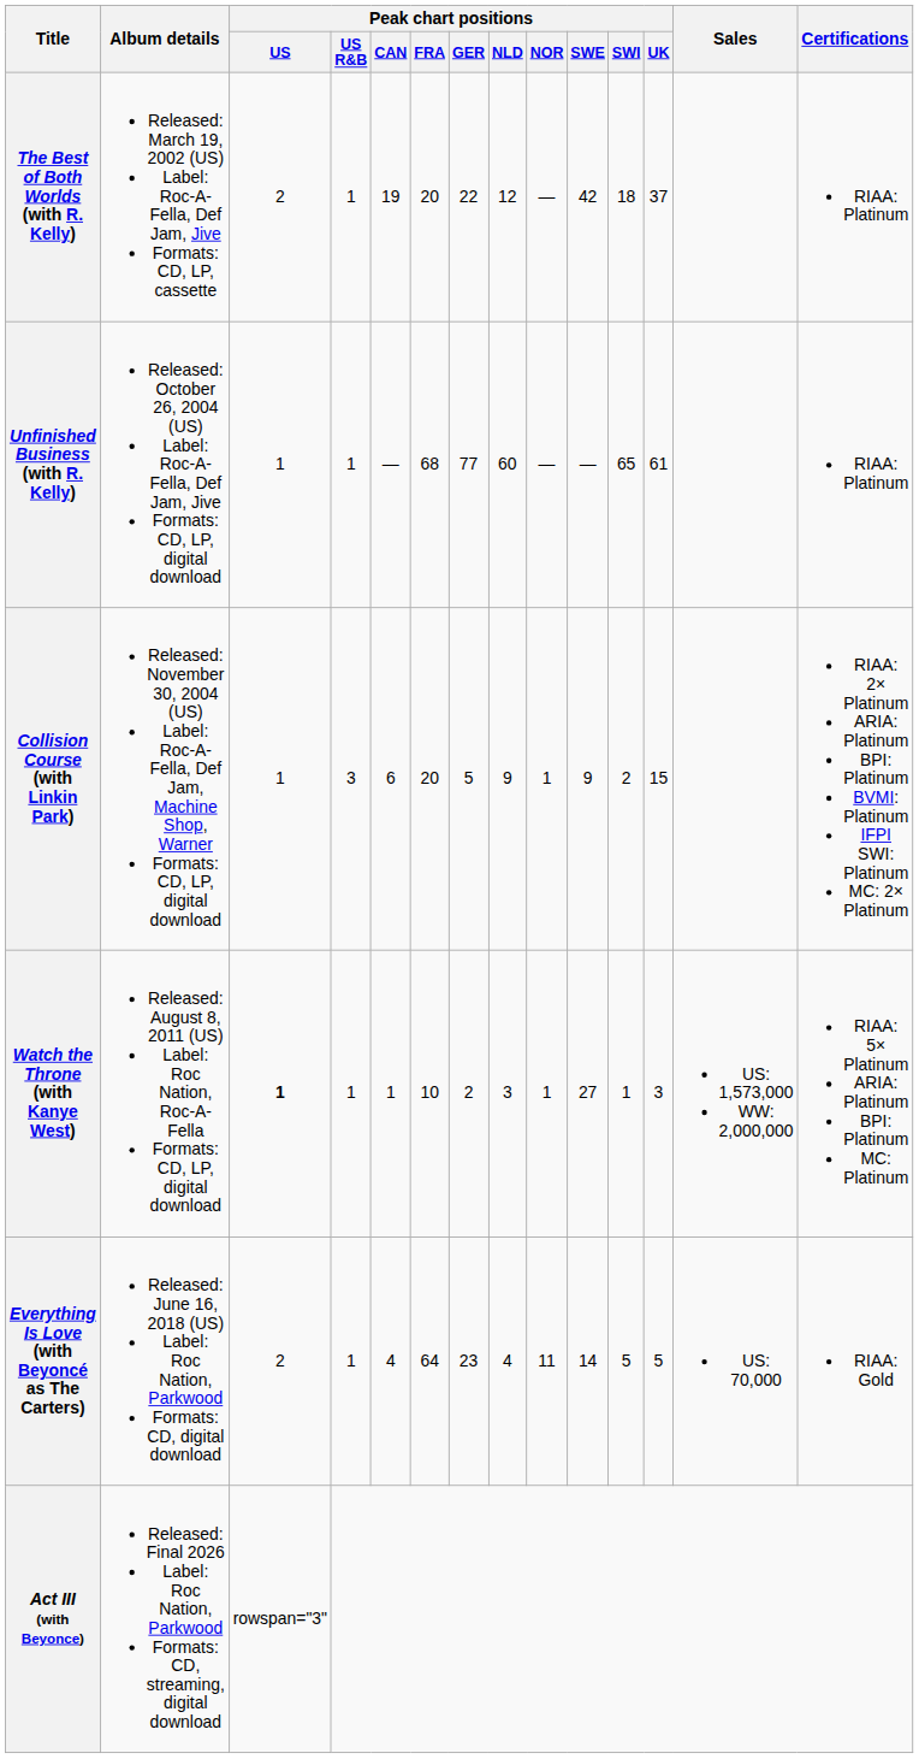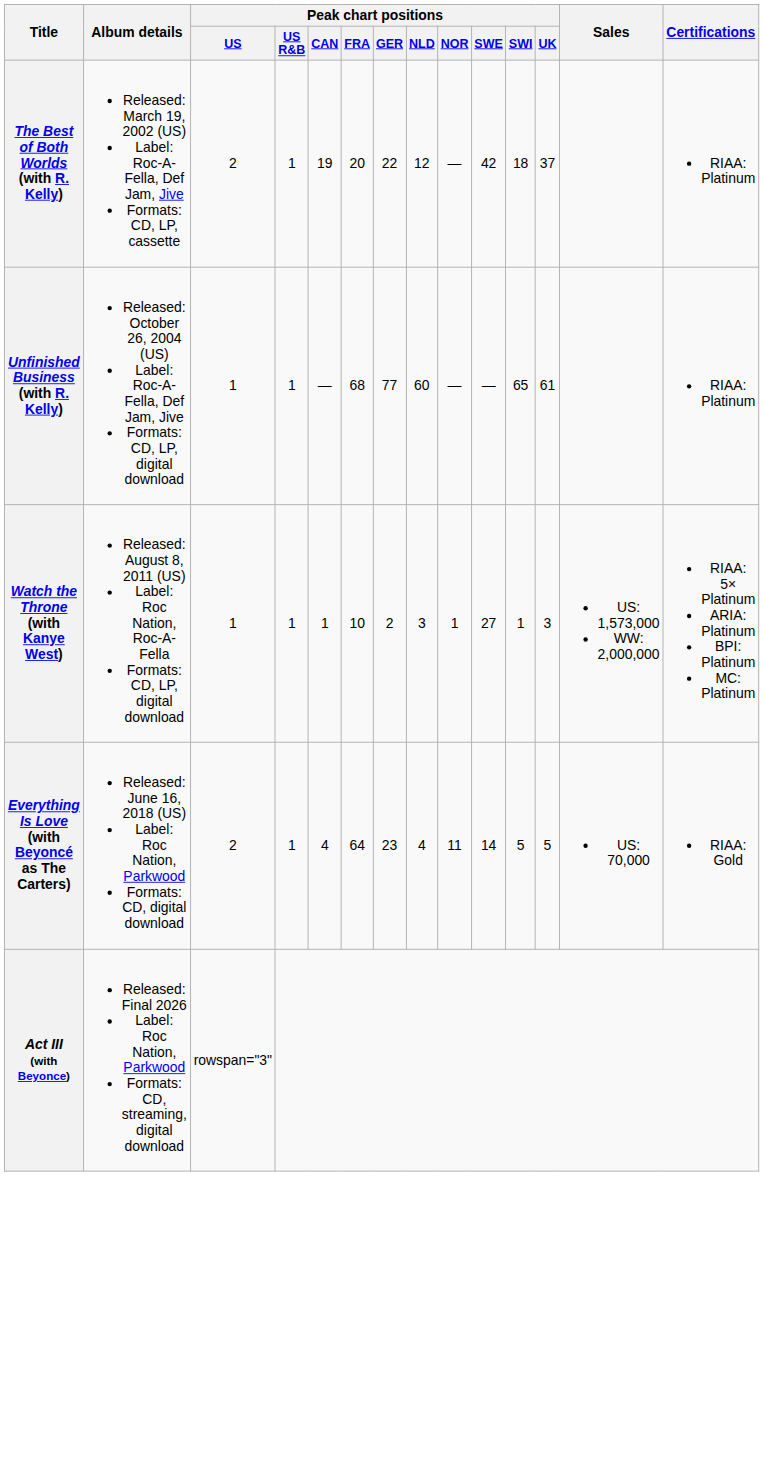 <table class="wikitable plainrowheaders" style="text-align:center;">
 <tr>
 <th scope="col" rowspan="2" style="width:13em;">Title</th>
 <th scope="col" rowspan="2" style="width:20em;">Album details</th>
 <th scope="col" colspan="10">Peak chart positions</th>
 <th scope="col" rowspan="2" style="width:11em;">Sales</th>
 <th scope="col" rowspan="2" style="width:12em;"><a href='#'>Certifications</a></th>
 </tr>
 <tr>
 <th scope="col" style="width:2.8em;font-size:90%;"><a href='#'>US</a><br></th>
 <th scope="col" style="width:2.8em;font-size:90%;"><a href='#'>US<br>R&B</a><br></th>
 <th scope="col" style="width:2.8em;font-size:90%;"><a href='#'>CAN</a><br></th>
 <th scope="col" style="width:2.8em;font-size:90%;"><a href='#'>FRA</a><br></th>
 <th scope="col" style="width:2.8em;font-size:90%;"><a href='#'>GER</a><br></th>
 <th scope="col" style="width:2.8em;font-size:90%;"><a href='#'>NLD</a><br></th>
 <th scope="col" style="width:2.8em;font-size:90%;"><a href='#'>NOR</a><br></th>
 <th scope="col" style="width:2.8em;font-size:90%;"><a href='#'>SWE</a><br></th>
 <th scope="col" style="width:2.8em;font-size:90%;"><a href='#'>SWI</a><br></th>
 <th scope="col" style="width:2.8em;font-size:90%;"><a href='#'>UK</a><br></th>
 </tr>
 <tr>
 <th scope="row"><em><a href='#'>The Best of Both Worlds</a></em><br><span>(with <a href='#'>R. Kelly</a>)</span></th>
 <td><br><ul><li>Released: March 19, 2002 <span>(US)</span></li><li>Label: Roc-A-Fella, Def Jam, <a href='#'>Jive</a></li><li>Formats: CD, LP, cassette</li></ul></td>
 <td>2</td>
 <td>1</td>
 <td>19</td>
 <td>20</td>
 <td>22</td>
 <td>12</td>
 <td>—</td>
 <td>42</td>
 <td>18</td>
 <td>37</td>
 <td></td>
 <td><br><ul><li>RIAA: Platinum</li></ul></td>
 </tr>
 <tr>
 <th scope="row"><em><a href='#'>Unfinished Business</a></em><br><span>(with <a href='#'>R. Kelly</a>)</span></th>
 <td><br><ul><li>Released: October 26, 2004 <span>(US)</span></li><li>Label: Roc-A-Fella, Def Jam, Jive</li><li>Formats: CD, LP, digital download</li></ul></td>
 <td>1</td>
 <td>1</td>
 <td>—</td>
 <td>68</td>
 <td>77</td>
 <td>60</td>
 <td>—</td>
 <td>—</td>
 <td>65</td>
 <td>61</td>
 <td></td>
 <td><br><ul><li>RIAA: Platinum</li></ul></td>
 </tr>
 <tr>
-<th scope="row"><em><a href='#'>Collision Course</a></em><br><span>(with <a href='#'>Linkin Park</a>)</span></th>
-<td><br><ul><li>Released: November 30, 2004 <span>(US)</span></li><li>Label: Roc-A-Fella, Def Jam, <a href='#'>Machine Shop</a>, <a href='#'>Warner</a></li><li>Formats: CD, LP, digital download</li></ul></td>
-<td>1</td>
-<td>3</td>
-<td>6</td>
-<td>20</td>
-<td>5</td>
-<td>9</td>
-<td>1</td>
-<td>9</td>
-<td>2</td>
-<td>15</td>
-<td></td>
-<td><br><ul><li>RIAA: 2× Platinum</li><li>ARIA: Platinum</li><li>BPI: Platinum</li><li><a href='#'>BVMI</a>: Platinum</li><li><a href='#'>IFPI</a> SWI: Platinum</li><li>MC: 2× Platinum</li></ul></td>
-</tr>
-<tr>
 <th scope="row"><em><a href='#'>Watch the Throne</a></em><br><span>(with <a href='#'>Kanye West</a>)</span></th>
 <td><br><ul><li>Released: August 8, 2011 <span>(US)</span></li><li>Label: Roc Nation, Roc-A-Fella</li><li>Formats: CD, LP, digital download</li></ul></td>
-<td><strong>1</strong></td>
+<td>1</td>
 <td>1</td>
 <td>1</td>
 <td>10</td>
 <td>2</td>
 <td>3</td>
 <td>1</td>
 <td>27</td>
 <td>1</td>
 <td>3</td>
 <td><br><ul><li>US: 1,573,000</li><li>WW: 2,000,000</li></ul></td>
 <td><br><ul><li>RIAA: 5× Platinum</li><li>ARIA: Platinum</li><li>BPI: Platinum</li><li>MC: Platinum</li></ul></td>
 </tr>
 <tr>
 <th scope="row"><em><a href='#'>Everything Is Love</a></em><br><span>(with <a href='#'>Beyoncé</a> as The Carters)</span></th>
 <td><br><ul><li>Released: June 16, 2018 <span>(US)</span></li><li>Label: Roc Nation, <a href='#'>Parkwood</a></li><li>Formats: CD, digital download</li></ul></td>
 <td>2<br></td>
 <td>1</td>
 <td>4<br></td>
 <td>64</td>
 <td>23</td>
 <td>4</td>
 <td>11<br></td>
 <td>14<br></td>
 <td>5</td>
 <td>5</td>
 <td><br><ul><li>US: 70,000</li></ul></td>
 <td><br><ul><li>RIAA: Gold</li></ul></td>
 </tr>
 <tr>
 <th scope="row"><em>Act III</em><br><small>(with <a href='#'>Beyonce</a>)</small></th>
 <td><br><ul><li>Released: Final 2026</li><li>Label: Roc Nation, <a href='#'>Parkwood</a></li><li>Formats: CD, streaming, digital download</li></ul></td>
 <td>rowspan="3" </td>
 </tr>
 </table>
